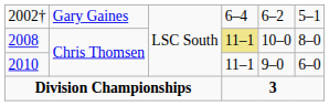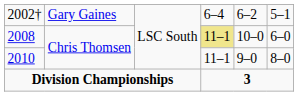 <table class="wikitable">
 <tr>
 <td>2002†</td>
 <td><a href='#'>Gary Gaines</a></td>
 <td rowspan="3">LSC South</td>
 <td>6–4</td>
 <td>6–2</td>
 <td>5–1</td>
 </tr>
 <tr>
 <td><a href='#'>2008</a></td>
 <td rowspan="2"><a href='#'>Chris Thomsen</a></td>
 <td style="background: khaki;">11–1</td>
 <td>10–0</td>
-<td>8–0</td>
+<td>6–0</td>
 </tr>
 <tr>
 <td><a href='#'>2010</a></td>
 <td>11–1</td>
 <td>9–0</td>
-<td>6–0</td>
+<td>8–0</td>
 </tr>
 <tr align="center">
 <td colspan=3><strong>Division Championships</strong></td>
 <td colspan=3><strong>3</strong></td>
 </tr>
 </table>
